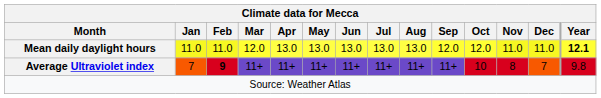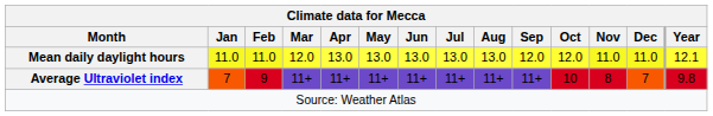 <table style="width:100%;text-align:center;line-height:1.2em;margin-left:auto;margin-right:auto" class="wikitable mw-collapsible">
 <tr>
 <th Colspan=14>Climate data for Mecca</th>
 </tr>
 <tr>
 <th>Month</th>
 <th>Jan</th>
 <th>Feb</th>
 <th>Mar</th>
 <th>Apr</th>
 <th>May</th>
 <th>Jun</th>
 <th>Jul</th>
 <th>Aug</th>
 <th>Sep</th>
 <th>Oct</th>
 <th>Nov</th>
 <th>Dec</th>
 <th style="border-left-width:medium">Year</th>
 </tr>
 <tr>
 <th>Mean daily daylight hours</th>
 <td style="background:#F7F722;color:#000000;">11.0</td>
 <td style="background:#F7F722;color:#000000;">11.0</td>
 <td style="background:#FFFF33;color:#000000;">12.0</td>
 <td style="background:#FFFF44;color:#000000;">13.0</td>
 <td style="background:#FFFF44;color:#000000;">13.0</td>
 <td style="background:#FFFF44;color:#000000;">13.0</td>
 <td style="background:#FFFF44;color:#000000;">13.0</td>
 <td style="background:#FFFF44;color:#000000;">13.0</td>
 <td style="background:#FFFF33;color:#000000;">12.0</td>
 <td style="background:#FFFF33;color:#000000;">12.0</td>
 <td style="background:#F7F722;color:#000000;">11.0</td>
 <td style="background:#F7F722;color:#000000;">11.0</td>
-<td style="background:#FFFF34;color:#000000;border-left-width:medium"><strong>12.1</strong></td>
+<td style="background:#FFFF34;color:#000000;border-left-width:medium">12.1</td>
 </tr>
 <tr>
 <th>Average <a href='#'>Ultraviolet index</a></th>
 <td style="background:#f85900;color:#000000;">7</td>
-<td style="background:#d8001d;color:#000000;"><strong>9</strong></td>
+<td style="background:#d8001d;color:#000000;">9</td>
 <td style="background:#6b49c8;color:#000000;">11+</td>
 <td style="background:#6b49c8;color:#000000;">11+</td>
 <td style="background:#6b49c8;color:#000000;">11+</td>
 <td style="background:#6b49c8;color:#000000;">11+</td>
 <td style="background:#6b49c8;color:#000000;">11+</td>
 <td style="background:#6b49c8;color:#000000;">11+</td>
 <td style="background:#6b49c8;color:#000000;">11+</td>
 <td style="background:#d8001d;color:#000000;">10</td>
 <td style="background:#d8001d;color:#000000;">8</td>
 <td style="background:#f85900;color:#000000;">7</td>
 <td style="background:#d8001d;color:#000000;border-left-width:medium">9.8</td>
 </tr>
 <tr>
 <th Colspan=14 style="background:#f8f9fa;font-weight:normal;font-size:95%;">Source: Weather Atlas </th>
 </tr>
 </table>
